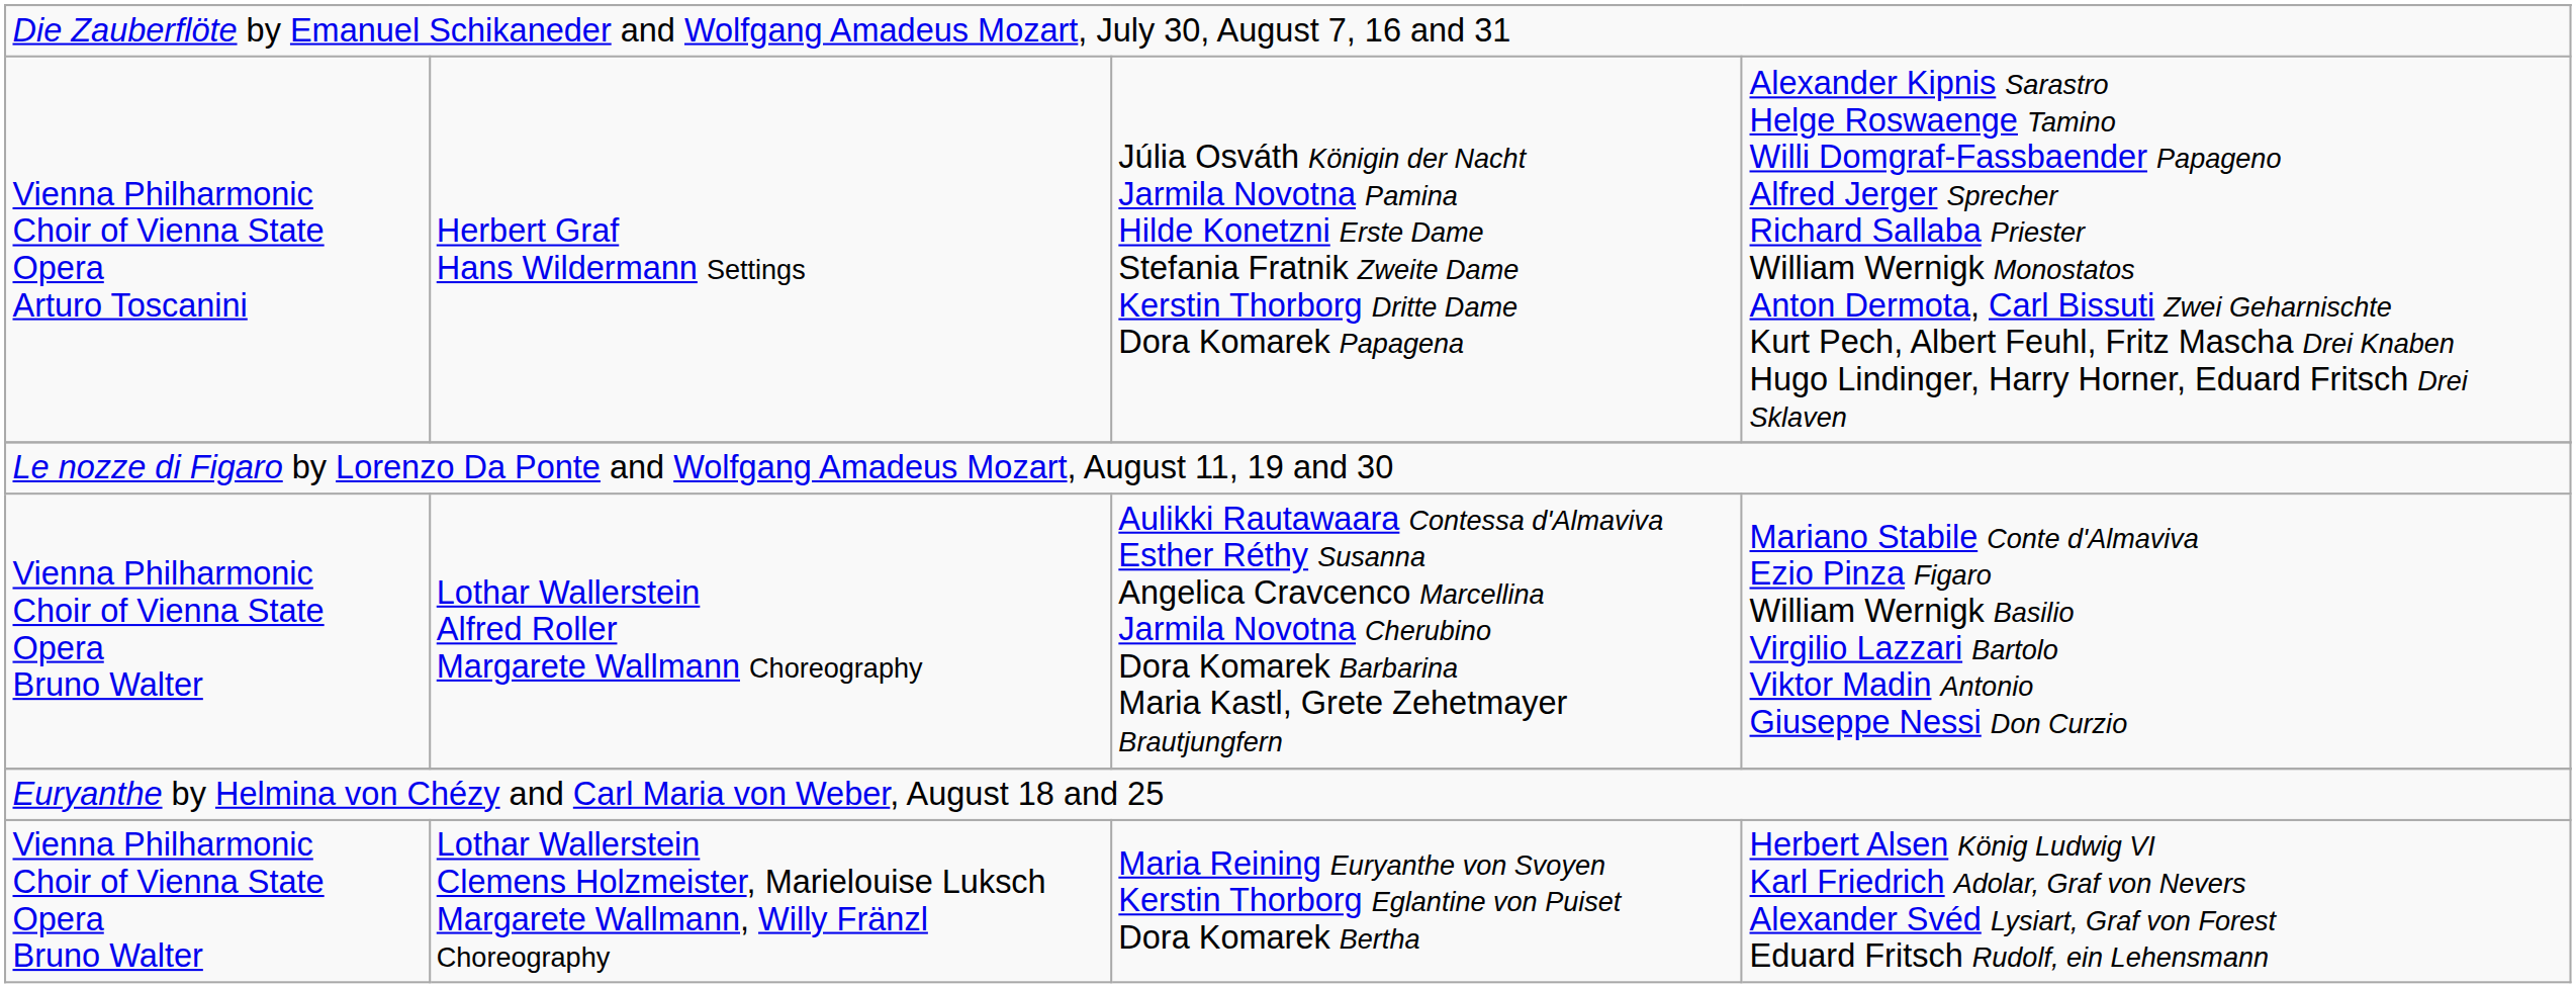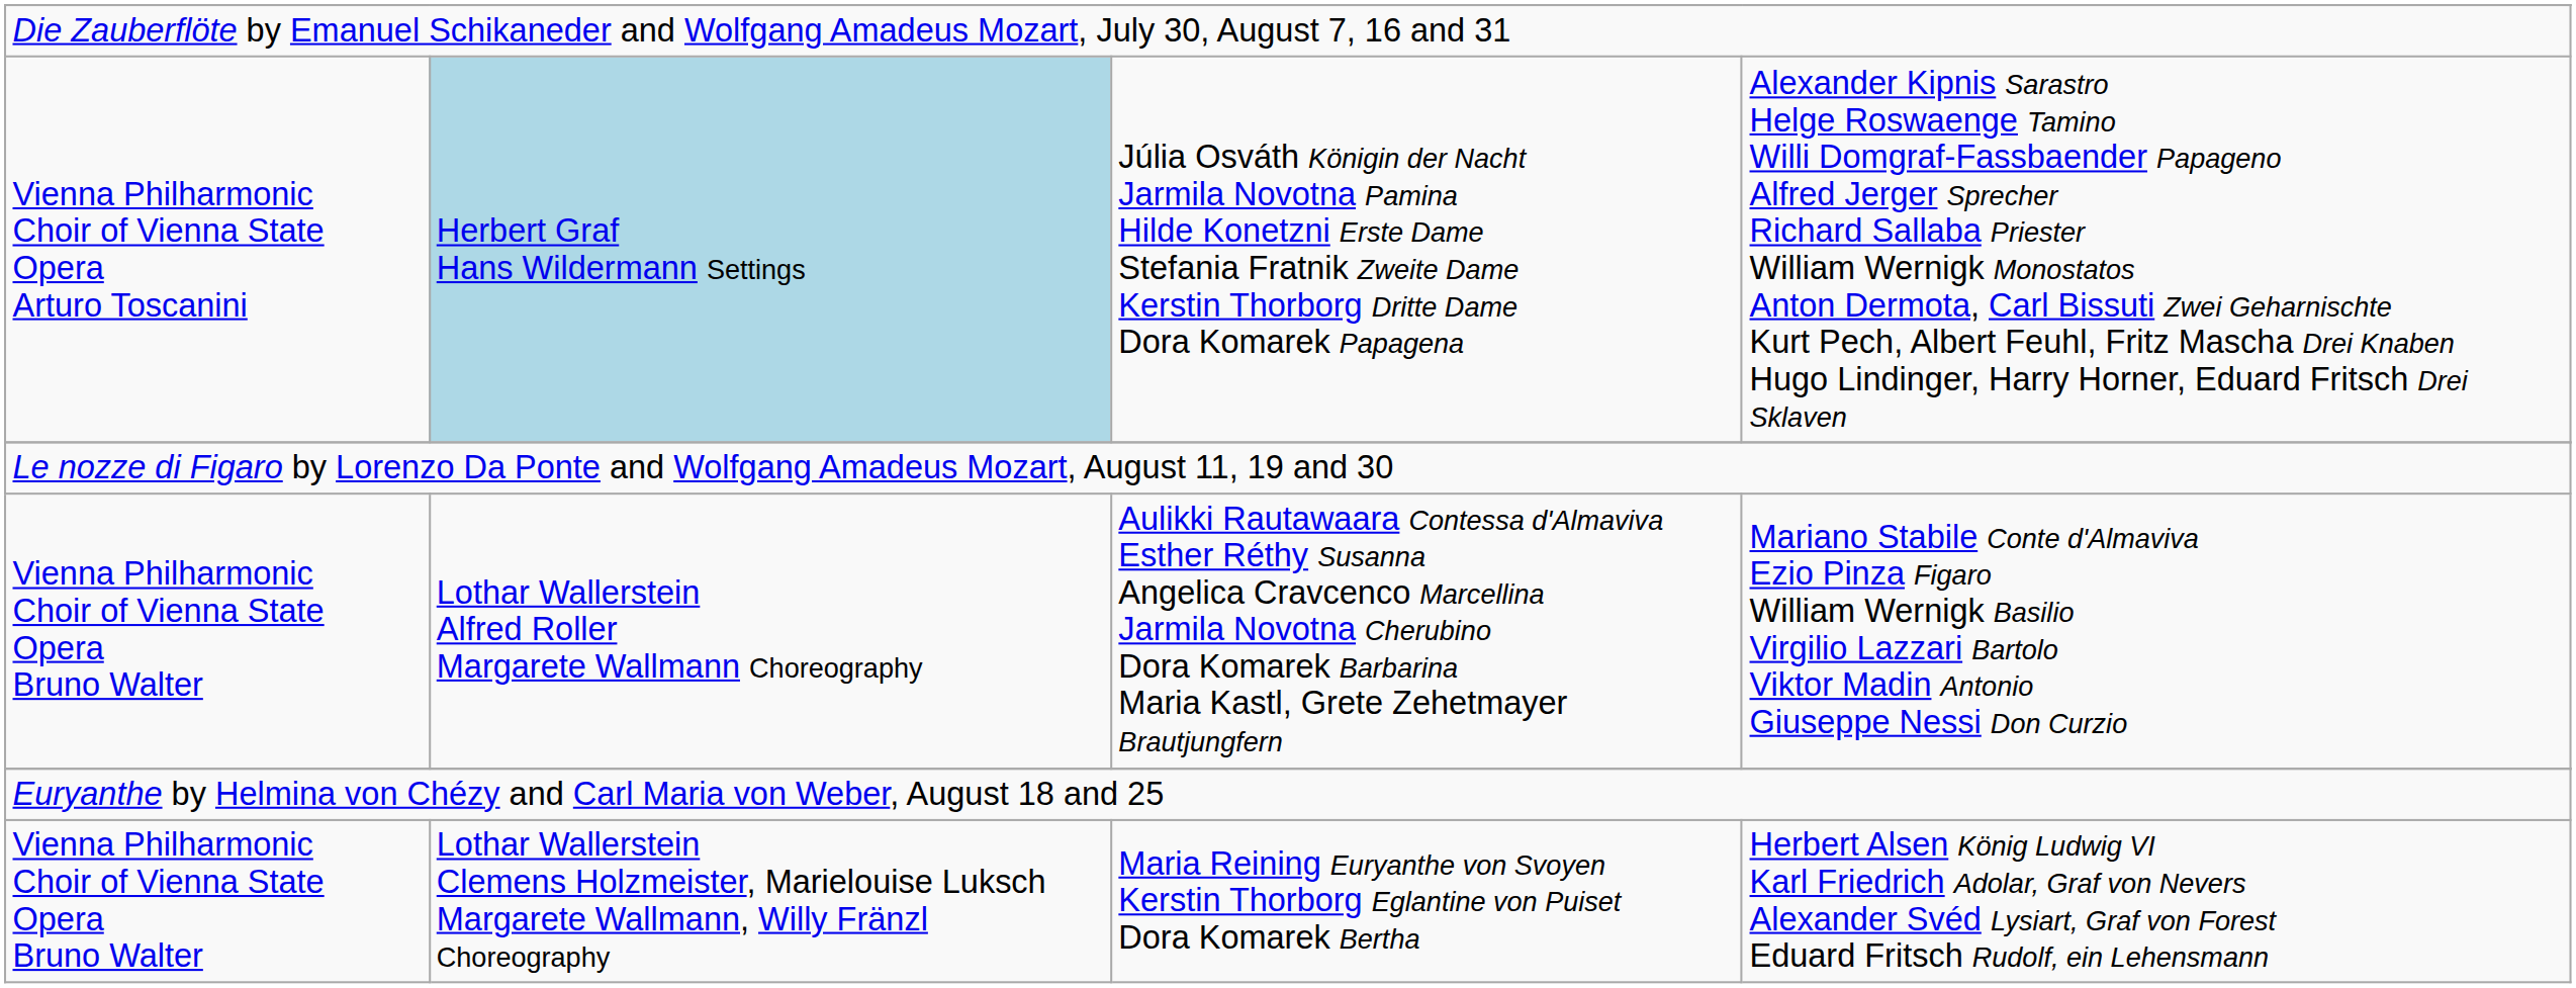 <table style="width:99%;" class="wikitable">
 <tr>
 </tr>
 <tr class="hintergrundfarbe8">
 <td colspan="9"><em><a href='#'>Die Zauberflöte</a></em> by <a href='#'>Emanuel Schikaneder</a> and <a href='#'>Wolfgang Amadeus Mozart</a>, July 30, August 7, 16 and 31</td>
 </tr>
 <tr>
 <td><a href='#'>Vienna Philharmonic</a><br><a href='#'>Choir of Vienna State Opera</a><br><a href='#'>Arturo Toscanini</a></td>
-<td><a href='#'>Herbert Graf</a><br><a href='#'>Hans Wildermann</a> <small>Settings</small></td>
+<td style="background: lightblue;"><a href='#'>Herbert Graf</a><br><a href='#'>Hans Wildermann</a> <small>Settings</small></td>
 <td>Júlia Osváth <small><em>Königin der Nacht</em></small><br><a href='#'>Jarmila Novotna</a> <small><em>Pamina</em></small><br><a href='#'>Hilde Konetzni</a> <small><em>Erste Dame</em></small><br>Stefania Fratnik <small><em>Zweite Dame</em></small><br><a href='#'>Kerstin Thorborg</a> <small><em>Dritte Dame</em></small><br>Dora Komarek <small><em>Papagena</em></small></td>
 <td><a href='#'>Alexander Kipnis</a> <small><em>Sarastro</em></small><br><a href='#'>Helge Roswaenge</a> <small><em>Tamino</em></small><br><a href='#'>Willi Domgraf-Fassbaender</a> <small><em>Papageno</em></small><br><a href='#'>Alfred Jerger</a> <small><em>Sprecher</em></small><br><a href='#'>Richard Sallaba</a> <small><em>Priester</em></small><br>William Wernigk <small><em>Monostatos</em></small><br><a href='#'>Anton Dermota</a>, <a href='#'>Carl Bissuti</a> <small><em>Zwei Geharnischte</em></small><br>Kurt Pech, Albert Feuhl, Fritz Mascha <small><em>Drei Knaben</em></small><br>Hugo Lindinger, Harry Horner, Eduard Fritsch <small><em>Drei Sklaven</em></small></td>
 </tr>
 <tr>
 </tr>
 <tr class="hintergrundfarbe8">
 <td colspan="9"><em><a href='#'>Le nozze di Figaro</a></em> by <a href='#'>Lorenzo Da Ponte</a> and <a href='#'>Wolfgang Amadeus Mozart</a>, August 11, 19 and 30</td>
 </tr>
 <tr>
 <td><a href='#'>Vienna Philharmonic</a><br><a href='#'>Choir of Vienna State Opera</a><br><a href='#'>Bruno Walter</a></td>
 <td><a href='#'>Lothar Wallerstein</a><br><a href='#'>Alfred Roller</a><br><a href='#'>Margarete Wallmann</a> <small>Choreography</small></td>
 <td><a href='#'>Aulikki Rautawaara</a> <small><em>Contessa d'Almaviva</em></small><br><a href='#'>Esther Réthy</a> <small><em>Susanna</em></small><br>Angelica Cravcenco <small><em>Marcellina</em></small><br><a href='#'>Jarmila Novotna</a> <small><em>Cherubino</em></small><br>Dora Komarek <small><em>Barbarina</em></small><br>Maria Kastl, Grete Zehetmayer <small><em>Brautjungfern</em></small></td>
 <td><a href='#'>Mariano Stabile</a> <small><em>Conte d'Almaviva</em></small><br><a href='#'>Ezio Pinza</a> <small><em>Figaro</em></small><br>William Wernigk <small><em>Basilio</em></small><br><a href='#'>Virgilio Lazzari</a> <small><em>Bartolo</em></small><br><a href='#'>Viktor Madin</a> <small><em>Antonio</em></small><br><a href='#'>Giuseppe Nessi</a> <small><em>Don Curzio</em></small></td>
 </tr>
 <tr>
 </tr>
 <tr class="hintergrundfarbe8">
 <td colspan="9"><em><a href='#'>Euryanthe</a></em> by <a href='#'>Helmina von Chézy</a> and <a href='#'>Carl Maria von Weber</a>, August 18 and 25</td>
 </tr>
 <tr>
 <td><a href='#'>Vienna Philharmonic</a><br><a href='#'>Choir of Vienna State Opera</a><br><a href='#'>Bruno Walter</a></td>
 <td><a href='#'>Lothar Wallerstein</a><br><a href='#'>Clemens Holzmeister</a>, Marielouise Luksch<br><a href='#'>Margarete Wallmann</a>, <a href='#'>Willy Fränzl</a> <small>Choreography</small></td>
 <td><a href='#'>Maria Reining</a> <small><em>Euryanthe von Svoyen</em></small><br><a href='#'>Kerstin Thorborg</a> <small><em>Eglantine von Puiset</em></small><br>Dora Komarek <small><em>Bertha</em></small></td>
 <td><a href='#'>Herbert Alsen</a> <small><em>König Ludwig VI</em></small><br><a href='#'>Karl Friedrich</a> <small><em>Adolar, Graf von Nevers</em></small><br><a href='#'>Alexander Svéd</a> <small><em>Lysiart, Graf von Forest</em></small><br>Eduard Fritsch <small><em>Rudolf, ein Lehensmann</em></small></td>
 </tr>
 </table>
